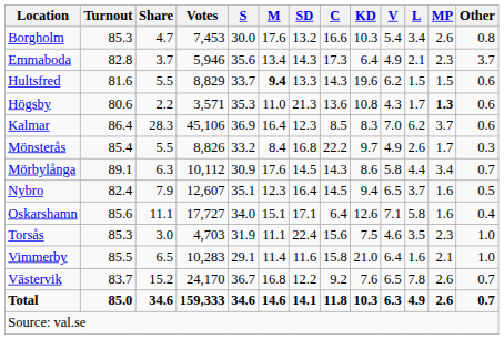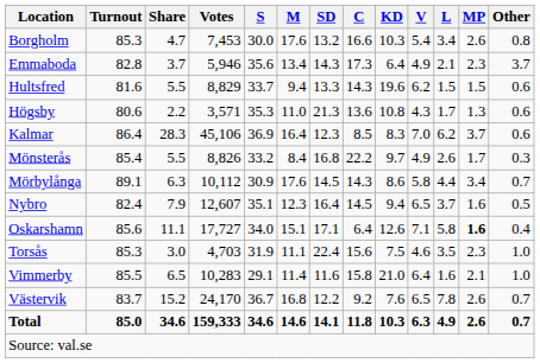 <table class="wikitable sortable" style=text-align:right>
 <tr>
 <th>Location</th>
 <th>Turnout</th>
 <th>Share</th>
 <th>Votes</th>
 <th><a href='#'>S</a></th>
 <th><a href='#'>M</a></th>
 <th><a href='#'>SD</a></th>
 <th><a href='#'>C</a></th>
 <th><a href='#'>KD</a></th>
 <th><a href='#'>V</a></th>
 <th><a href='#'>L</a></th>
 <th><a href='#'>MP</a></th>
 <th>Other</th>
 </tr>
 <tr>
 <td align=left><a href='#'>Borgholm</a></td>
 <td>85.3</td>
 <td>4.7</td>
 <td>7,453</td>
 <td>30.0</td>
 <td>17.6</td>
 <td>13.2</td>
 <td>16.6</td>
 <td>10.3</td>
 <td>5.4</td>
 <td>3.4</td>
 <td>2.6</td>
 <td>0.8</td>
 </tr>
 <tr>
 <td align=left><a href='#'>Emmaboda</a></td>
 <td>82.8</td>
 <td>3.7</td>
 <td>5,946</td>
 <td>35.6</td>
 <td>13.4</td>
 <td>14.3</td>
 <td>17.3</td>
 <td>6.4</td>
 <td>4.9</td>
 <td>2.1</td>
 <td>2.3</td>
 <td>3.7</td>
 </tr>
 <tr>
 <td align=left><a href='#'>Hultsfred</a></td>
 <td>81.6</td>
 <td>5.5</td>
 <td>8,829</td>
 <td>33.7</td>
-<td><strong>9.4</strong></td>
+<td>9.4</td>
 <td>13.3</td>
 <td>14.3</td>
 <td>19.6</td>
 <td>6.2</td>
 <td>1.5</td>
 <td>1.5</td>
 <td>0.6</td>
 </tr>
 <tr>
 <td align=left><a href='#'>Högsby</a></td>
 <td>80.6</td>
 <td>2.2</td>
 <td>3,571</td>
 <td>35.3</td>
 <td>11.0</td>
 <td>21.3</td>
 <td>13.6</td>
 <td>10.8</td>
 <td>4.3</td>
 <td>1.7</td>
-<td><strong>1.3</strong></td>
+<td>1.3</td>
 <td>0.6</td>
 </tr>
 <tr>
 <td align=left><a href='#'>Kalmar</a></td>
 <td>86.4</td>
 <td>28.3</td>
 <td>45,106</td>
 <td>36.9</td>
 <td>16.4</td>
 <td>12.3</td>
 <td>8.5</td>
 <td>8.3</td>
 <td>7.0</td>
 <td>6.2</td>
 <td>3.7</td>
 <td>0.6</td>
 </tr>
 <tr>
 <td align=left><a href='#'>Mönsterås</a></td>
 <td>85.4</td>
 <td>5.5</td>
 <td>8,826</td>
 <td>33.2</td>
 <td>8.4</td>
 <td>16.8</td>
 <td>22.2</td>
 <td>9.7</td>
 <td>4.9</td>
 <td>2.6</td>
 <td>1.7</td>
 <td>0.3</td>
 </tr>
 <tr>
 <td align=left><a href='#'>Mörbylånga</a></td>
 <td>89.1</td>
 <td>6.3</td>
 <td>10,112</td>
 <td>30.9</td>
 <td>17.6</td>
 <td>14.5</td>
 <td>14.3</td>
 <td>8.6</td>
 <td>5.8</td>
 <td>4.4</td>
 <td>3.4</td>
 <td>0.7</td>
 </tr>
 <tr>
 <td align=left><a href='#'>Nybro</a></td>
 <td>82.4</td>
 <td>7.9</td>
 <td>12,607</td>
 <td>35.1</td>
 <td>12.3</td>
 <td>16.4</td>
 <td>14.5</td>
 <td>9.4</td>
 <td>6.5</td>
 <td>3.7</td>
 <td>1.6</td>
 <td>0.5</td>
 </tr>
 <tr>
 <td align=left><a href='#'>Oskarshamn</a></td>
 <td>85.6</td>
 <td>11.1</td>
 <td>17,727</td>
 <td>34.0</td>
 <td>15.1</td>
 <td>17.1</td>
 <td>6.4</td>
 <td>12.6</td>
 <td>7.1</td>
 <td>5.8</td>
-<td>1.6</td>
+<td><strong>1.6</strong></td>
 <td>0.4</td>
 </tr>
 <tr>
 <td align=left><a href='#'>Torsås</a></td>
 <td>85.3</td>
 <td>3.0</td>
 <td>4,703</td>
 <td>31.9</td>
 <td>11.1</td>
 <td>22.4</td>
 <td>15.6</td>
 <td>7.5</td>
 <td>4.6</td>
 <td>3.5</td>
 <td>2.3</td>
 <td>1.0</td>
 </tr>
 <tr>
 <td align=left><a href='#'>Vimmerby</a></td>
 <td>85.5</td>
 <td>6.5</td>
 <td>10,283</td>
 <td>29.1</td>
 <td>11.4</td>
 <td>11.6</td>
 <td>15.8</td>
 <td>21.0</td>
 <td>6.4</td>
 <td>1.6</td>
 <td>2.1</td>
 <td>1.0</td>
 </tr>
 <tr>
 <td align=left><a href='#'>Västervik</a></td>
 <td>83.7</td>
 <td>15.2</td>
 <td>24,170</td>
 <td>36.7</td>
 <td>16.8</td>
 <td>12.2</td>
 <td>9.2</td>
 <td>7.6</td>
 <td>6.5</td>
 <td>7.8</td>
 <td>2.6</td>
 <td>0.7</td>
 </tr>
 <tr>
 <td align=left><strong>Total</strong></td>
 <td><strong>85.0</strong></td>
 <td><strong>34.6</strong></td>
 <td><strong>159,333</strong></td>
 <td><strong>34.6</strong></td>
 <td><strong>14.6</strong></td>
 <td><strong>14.1</strong></td>
 <td><strong>11.8</strong></td>
 <td><strong>10.3</strong></td>
 <td><strong>6.3</strong></td>
 <td><strong>4.9</strong></td>
 <td><strong>2.6</strong></td>
 <td><strong>0.7</strong></td>
 </tr>
 <tr>
 <td align=left colspan=13>Source: val.se </td>
 </tr>
 </table>
